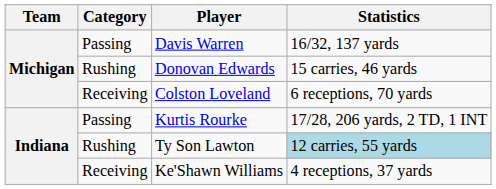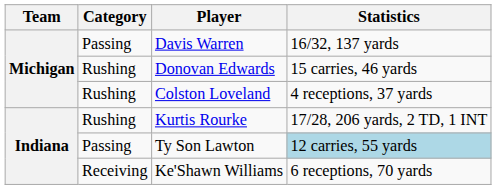 <table class="wikitable" style="float:right">
 <tr>
 <th>Team</th>
 <th>Category</th>
 <th>Player</th>
 <th>Statistics</th>
 </tr>
 <tr>
 <th rowspan=3>Michigan</th>
 <td>Passing</td>
 <td><a href='#'>Davis Warren</a></td>
 <td>16/32, 137 yards</td>
 </tr>
 <tr>
 <td>Rushing</td>
 <td><a href='#'>Donovan Edwards</a></td>
 <td>15 carries, 46 yards</td>
 </tr>
 <tr>
-<td>Receiving</td>
+<td>Rushing</td>
 <td><a href='#'>Colston Loveland</a></td>
-<td>6 receptions, 70 yards</td>
+<td>4 receptions, 37 yards</td>
 </tr>
 <tr>
 <th rowspan=3>Indiana</th>
-<td>Passing</td>
+<td>Rushing</td>
 <td><a href='#'>Kurtis Rourke</a></td>
 <td>17/28, 206 yards, 2 TD, 1 INT</td>
 </tr>
 <tr>
-<td>Rushing</td>
+<td>Passing</td>
 <td>Ty Son Lawton</td>
 <td style="background: lightblue;">12 carries, 55 yards</td>
 </tr>
 <tr>
 <td>Receiving</td>
 <td>Ke'Shawn Williams</td>
-<td>4 receptions, 37 yards</td>
+<td>6 receptions, 70 yards</td>
 </tr>
 </table>
